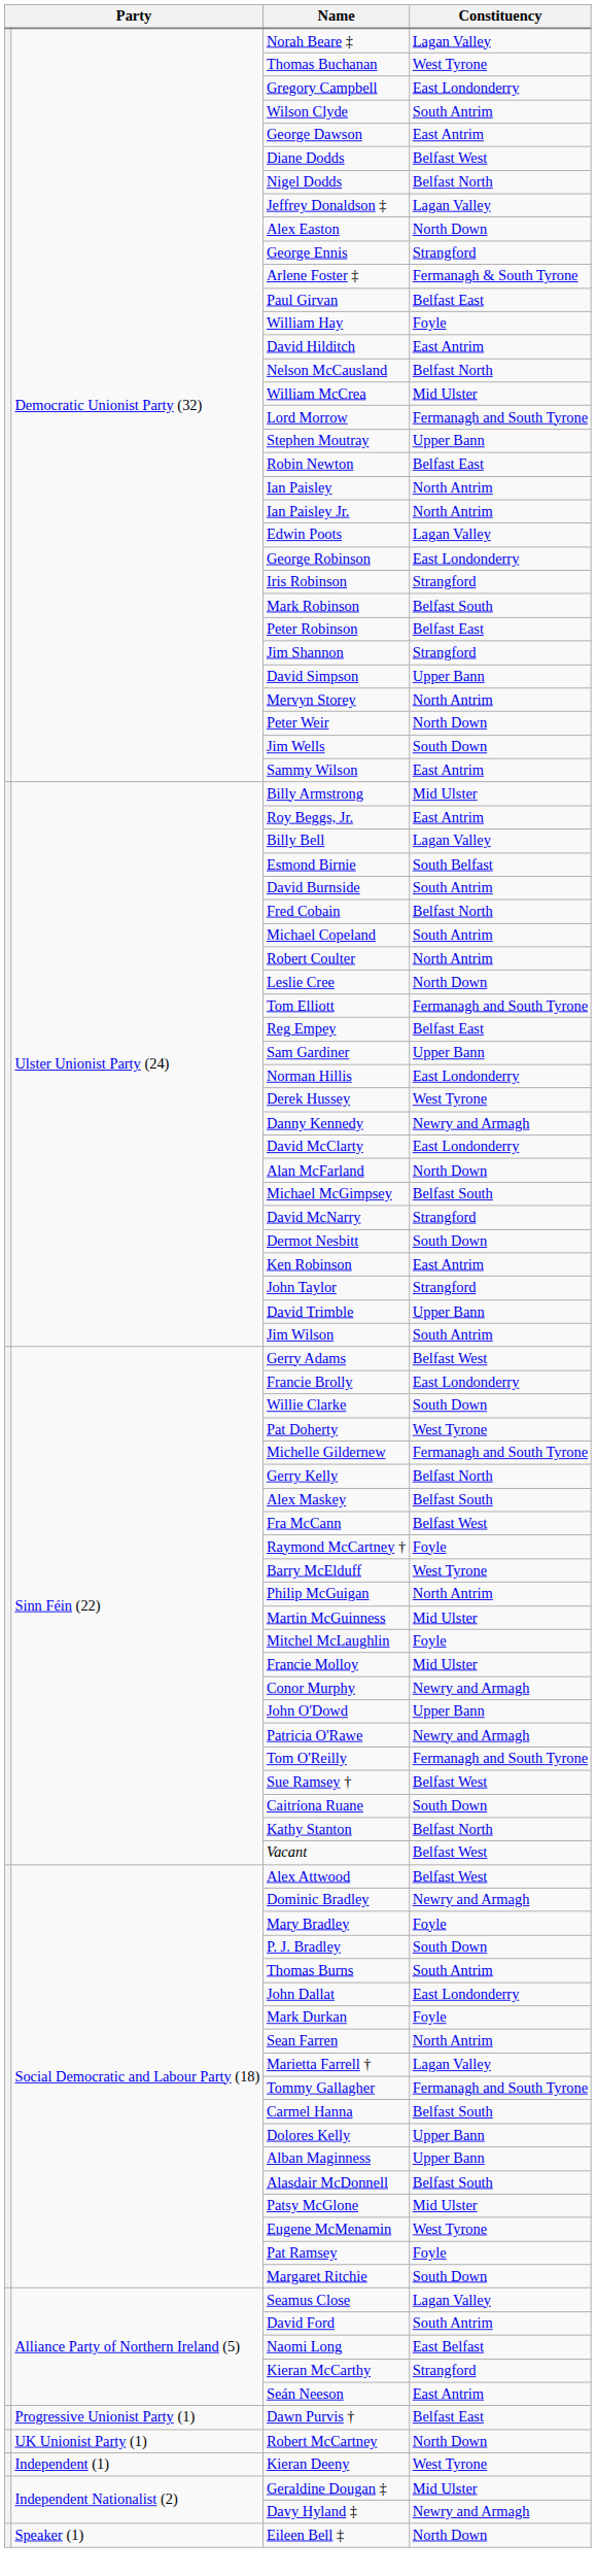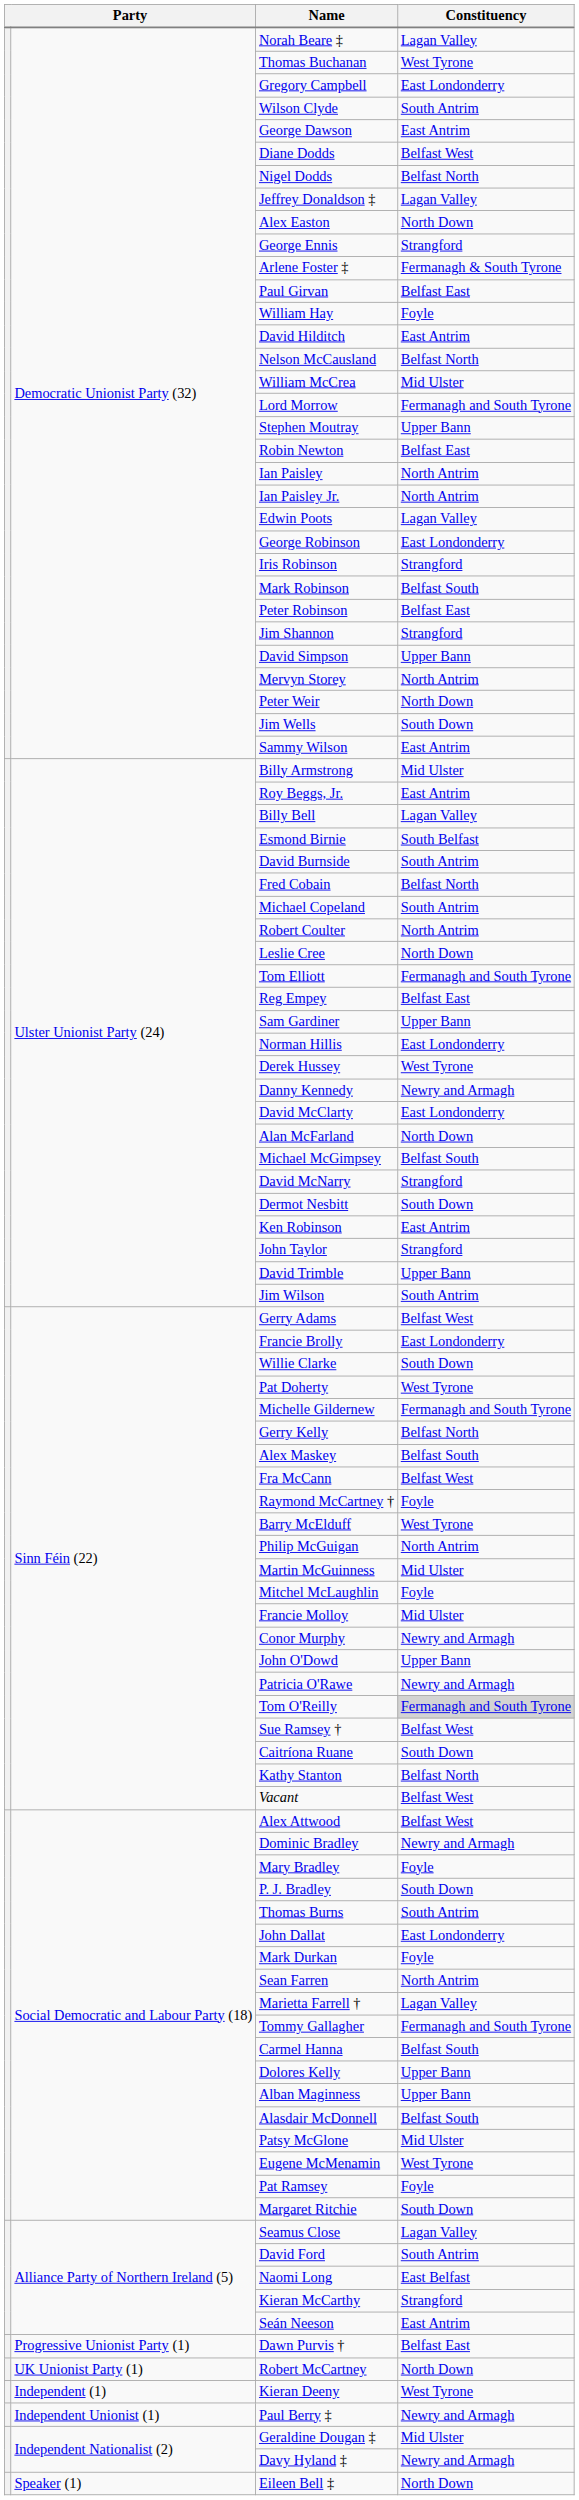 <table class="wikitable">
 <tr style="border-bottom: 2px solid gray;">
 <th colspan=2>Party</th>
 <th>Name</th>
 <th>Constituency</th>
 </tr>
 <tr>
 <th rowspan="32" style="background-color: "></th>
 <td rowspan="32"><a href='#'>Democratic Unionist Party</a> (32)</td>
 <td><a href='#'>Norah Beare</a> ‡</td>
 <td><a href='#'>Lagan Valley</a></td>
 </tr>
 <tr>
 <td><a href='#'>Thomas Buchanan</a></td>
 <td><a href='#'>West Tyrone</a></td>
 </tr>
 <tr>
 <td><a href='#'>Gregory Campbell</a></td>
 <td><a href='#'>East Londonderry</a></td>
 </tr>
 <tr>
 <td><a href='#'>Wilson Clyde</a></td>
 <td><a href='#'>South Antrim</a></td>
 </tr>
 <tr>
 <td><a href='#'>George Dawson</a></td>
 <td><a href='#'>East Antrim</a></td>
 </tr>
 <tr>
 <td><a href='#'>Diane Dodds</a></td>
 <td><a href='#'>Belfast West</a></td>
 </tr>
 <tr>
 <td><a href='#'>Nigel Dodds</a></td>
 <td><a href='#'>Belfast North</a></td>
 </tr>
 <tr>
 <td><a href='#'>Jeffrey Donaldson</a> ‡</td>
 <td><a href='#'>Lagan Valley</a></td>
 </tr>
 <tr>
 <td><a href='#'>Alex Easton</a></td>
 <td><a href='#'>North Down</a></td>
 </tr>
 <tr>
 <td><a href='#'>George Ennis</a></td>
 <td><a href='#'>Strangford</a></td>
 </tr>
 <tr>
 <td><a href='#'>Arlene Foster</a> ‡</td>
 <td><a href='#'>Fermanagh & South Tyrone</a></td>
 </tr>
 <tr>
 <td><a href='#'>Paul Girvan</a></td>
 <td><a href='#'>Belfast East</a></td>
 </tr>
 <tr>
 <td><a href='#'>William Hay</a></td>
 <td><a href='#'>Foyle</a></td>
 </tr>
 <tr>
 <td><a href='#'>David Hilditch</a></td>
 <td><a href='#'>East Antrim</a></td>
 </tr>
 <tr>
 <td><a href='#'>Nelson McCausland</a></td>
 <td><a href='#'>Belfast North</a></td>
 </tr>
 <tr>
 <td><a href='#'>William McCrea</a></td>
 <td><a href='#'>Mid Ulster</a></td>
 </tr>
 <tr>
 <td><a href='#'>Lord Morrow</a></td>
 <td><a href='#'>Fermanagh and South Tyrone</a></td>
 </tr>
 <tr>
 <td><a href='#'>Stephen Moutray</a></td>
 <td><a href='#'>Upper Bann</a></td>
 </tr>
 <tr>
 <td><a href='#'>Robin Newton</a></td>
 <td><a href='#'>Belfast East</a></td>
 </tr>
 <tr>
 <td><a href='#'>Ian Paisley</a></td>
 <td><a href='#'>North Antrim</a></td>
 </tr>
 <tr>
 <td><a href='#'>Ian Paisley Jr.</a></td>
 <td><a href='#'>North Antrim</a></td>
 </tr>
 <tr>
 <td><a href='#'>Edwin Poots</a></td>
 <td><a href='#'>Lagan Valley</a></td>
 </tr>
 <tr>
 <td><a href='#'>George Robinson</a></td>
 <td><a href='#'>East Londonderry</a></td>
 </tr>
 <tr>
 <td><a href='#'>Iris Robinson</a></td>
 <td><a href='#'>Strangford</a></td>
 </tr>
 <tr>
 <td><a href='#'>Mark Robinson</a></td>
 <td><a href='#'>Belfast South</a></td>
 </tr>
 <tr>
 <td><a href='#'>Peter Robinson</a></td>
 <td><a href='#'>Belfast East</a></td>
 </tr>
 <tr>
 <td><a href='#'>Jim Shannon</a></td>
 <td><a href='#'>Strangford</a></td>
 </tr>
 <tr>
 <td><a href='#'>David Simpson</a></td>
 <td><a href='#'>Upper Bann</a></td>
 </tr>
 <tr>
 <td><a href='#'>Mervyn Storey</a></td>
 <td><a href='#'>North Antrim</a></td>
 </tr>
 <tr>
 <td><a href='#'>Peter Weir</a></td>
 <td><a href='#'>North Down</a></td>
 </tr>
 <tr>
 <td><a href='#'>Jim Wells</a></td>
 <td><a href='#'>South Down</a></td>
 </tr>
 <tr>
 <td><a href='#'>Sammy Wilson</a></td>
 <td><a href='#'>East Antrim</a></td>
 </tr>
 <tr>
 <th rowspan="24" style="background-color: "></th>
 <td rowspan="24"><a href='#'>Ulster Unionist Party</a> (24)</td>
 <td><a href='#'>Billy Armstrong</a></td>
 <td><a href='#'>Mid Ulster</a></td>
 </tr>
 <tr>
 <td><a href='#'>Roy Beggs, Jr.</a></td>
 <td><a href='#'>East Antrim</a></td>
 </tr>
 <tr>
 <td><a href='#'>Billy Bell</a></td>
 <td><a href='#'>Lagan Valley</a></td>
 </tr>
 <tr>
 <td><a href='#'>Esmond Birnie</a></td>
 <td><a href='#'>South Belfast</a></td>
 </tr>
 <tr>
 <td><a href='#'>David Burnside</a></td>
 <td><a href='#'>South Antrim</a></td>
 </tr>
 <tr>
 <td><a href='#'>Fred Cobain</a></td>
 <td><a href='#'>Belfast North</a></td>
 </tr>
 <tr>
 <td><a href='#'>Michael Copeland</a></td>
 <td><a href='#'>South Antrim</a></td>
 </tr>
 <tr>
 <td><a href='#'>Robert Coulter</a></td>
 <td><a href='#'>North Antrim</a></td>
 </tr>
 <tr>
 <td><a href='#'>Leslie Cree</a></td>
 <td><a href='#'>North Down</a></td>
 </tr>
 <tr>
 <td><a href='#'>Tom Elliott</a></td>
 <td><a href='#'>Fermanagh and South Tyrone</a></td>
 </tr>
 <tr>
 <td><a href='#'>Reg Empey</a></td>
 <td><a href='#'>Belfast East</a></td>
 </tr>
 <tr>
 <td><a href='#'>Sam Gardiner</a></td>
 <td><a href='#'>Upper Bann</a></td>
 </tr>
 <tr>
 <td><a href='#'>Norman Hillis</a></td>
 <td><a href='#'>East Londonderry</a></td>
 </tr>
 <tr>
 <td><a href='#'>Derek Hussey</a></td>
 <td><a href='#'>West Tyrone</a></td>
 </tr>
 <tr>
 <td><a href='#'>Danny Kennedy</a></td>
 <td><a href='#'>Newry and Armagh</a></td>
 </tr>
 <tr>
 <td><a href='#'>David McClarty</a></td>
 <td><a href='#'>East Londonderry</a></td>
 </tr>
 <tr>
 <td><a href='#'>Alan McFarland</a></td>
 <td><a href='#'>North Down</a></td>
 </tr>
 <tr>
 <td><a href='#'>Michael McGimpsey</a></td>
 <td><a href='#'>Belfast South</a></td>
 </tr>
 <tr>
 <td><a href='#'>David McNarry</a></td>
 <td><a href='#'>Strangford</a></td>
 </tr>
 <tr>
 <td><a href='#'>Dermot Nesbitt</a></td>
 <td><a href='#'>South Down</a></td>
 </tr>
 <tr>
 <td><a href='#'>Ken Robinson</a></td>
 <td><a href='#'>East Antrim</a></td>
 </tr>
 <tr>
 <td><a href='#'>John Taylor</a></td>
 <td><a href='#'>Strangford</a></td>
 </tr>
 <tr>
 <td><a href='#'>David Trimble</a></td>
 <td><a href='#'>Upper Bann</a></td>
 </tr>
 <tr>
 <td><a href='#'>Jim Wilson</a></td>
 <td><a href='#'>South Antrim</a></td>
 </tr>
 <tr>
 <th rowspan="22" style="background-color: "></th>
 <td rowspan="22"><a href='#'>Sinn Féin</a> (22)</td>
 <td><a href='#'>Gerry Adams</a></td>
 <td><a href='#'>Belfast West</a></td>
 </tr>
 <tr>
 <td><a href='#'>Francie Brolly</a></td>
 <td><a href='#'>East Londonderry</a></td>
 </tr>
 <tr>
 <td><a href='#'>Willie Clarke</a></td>
 <td><a href='#'>South Down</a></td>
 </tr>
 <tr>
 <td><a href='#'>Pat Doherty</a></td>
 <td><a href='#'>West Tyrone</a></td>
 </tr>
 <tr>
 <td><a href='#'>Michelle Gildernew</a></td>
 <td><a href='#'>Fermanagh and South Tyrone</a></td>
 </tr>
 <tr>
 <td><a href='#'>Gerry Kelly</a></td>
 <td><a href='#'>Belfast North</a></td>
 </tr>
 <tr>
 <td><a href='#'>Alex Maskey</a></td>
 <td><a href='#'>Belfast South</a></td>
 </tr>
 <tr>
 <td><a href='#'>Fra McCann</a></td>
 <td><a href='#'>Belfast West</a></td>
 </tr>
 <tr>
 <td><a href='#'>Raymond McCartney</a> †</td>
 <td><a href='#'>Foyle</a></td>
 </tr>
 <tr>
 <td><a href='#'>Barry McElduff</a></td>
 <td><a href='#'>West Tyrone</a></td>
 </tr>
 <tr>
 <td><a href='#'>Philip McGuigan</a></td>
 <td><a href='#'>North Antrim</a></td>
 </tr>
 <tr>
 <td><a href='#'>Martin McGuinness</a></td>
 <td><a href='#'>Mid Ulster</a></td>
 </tr>
 <tr>
 <td><a href='#'>Mitchel McLaughlin</a></td>
 <td><a href='#'>Foyle</a></td>
 </tr>
 <tr>
 <td><a href='#'>Francie Molloy</a></td>
 <td><a href='#'>Mid Ulster</a></td>
 </tr>
 <tr>
 <td><a href='#'>Conor Murphy</a></td>
 <td><a href='#'>Newry and Armagh</a></td>
 </tr>
 <tr>
 <td><a href='#'>John O'Dowd</a></td>
 <td><a href='#'>Upper Bann</a></td>
 </tr>
 <tr>
 <td><a href='#'>Patricia O'Rawe</a></td>
 <td><a href='#'>Newry and Armagh</a></td>
 </tr>
 <tr>
 <td><a href='#'>Tom O'Reilly</a></td>
-<td><a href='#'>Fermanagh and South Tyrone</a></td>
+<td style="background: lightgrey;"><a href='#'>Fermanagh and South Tyrone</a></td>
 </tr>
 <tr>
 <td><a href='#'>Sue Ramsey</a> †</td>
 <td><a href='#'>Belfast West</a></td>
 </tr>
 <tr>
 <td><a href='#'>Caitríona Ruane</a></td>
 <td><a href='#'>South Down</a></td>
 </tr>
 <tr>
 <td><a href='#'>Kathy Stanton</a></td>
 <td><a href='#'>Belfast North</a></td>
 </tr>
 <tr>
 <td><em>Vacant</em></td>
 <td><a href='#'>Belfast West</a></td>
 </tr>
 <tr>
 <th rowspan="18" style="background-color: "></th>
 <td rowspan="18"><a href='#'>Social Democratic and Labour Party</a> (18)</td>
 <td><a href='#'>Alex Attwood</a></td>
 <td><a href='#'>Belfast West</a></td>
 </tr>
 <tr>
 <td><a href='#'>Dominic Bradley</a></td>
 <td><a href='#'>Newry and Armagh</a></td>
 </tr>
 <tr>
 <td><a href='#'>Mary Bradley</a></td>
 <td><a href='#'>Foyle</a></td>
 </tr>
 <tr>
 <td><a href='#'>P. J. Bradley</a></td>
 <td><a href='#'>South Down</a></td>
 </tr>
 <tr>
 <td><a href='#'>Thomas Burns</a></td>
 <td><a href='#'>South Antrim</a></td>
 </tr>
 <tr>
 <td><a href='#'>John Dallat</a></td>
 <td><a href='#'>East Londonderry</a></td>
 </tr>
 <tr>
 <td><a href='#'>Mark Durkan</a></td>
 <td><a href='#'>Foyle</a></td>
 </tr>
 <tr>
 <td><a href='#'>Sean Farren</a></td>
 <td><a href='#'>North Antrim</a></td>
 </tr>
 <tr>
 <td><a href='#'>Marietta Farrell</a> †</td>
 <td><a href='#'>Lagan Valley</a></td>
 </tr>
 <tr>
 <td><a href='#'>Tommy Gallagher</a></td>
 <td><a href='#'>Fermanagh and South Tyrone</a></td>
 </tr>
 <tr>
 <td><a href='#'>Carmel Hanna</a></td>
 <td><a href='#'>Belfast South</a></td>
 </tr>
 <tr>
 <td><a href='#'>Dolores Kelly</a></td>
 <td><a href='#'>Upper Bann</a></td>
 </tr>
 <tr>
 <td><a href='#'>Alban Maginness</a></td>
 <td><a href='#'>Upper Bann</a></td>
 </tr>
 <tr>
 <td><a href='#'>Alasdair McDonnell</a></td>
 <td><a href='#'>Belfast South</a></td>
 </tr>
 <tr>
 <td><a href='#'>Patsy McGlone</a></td>
 <td><a href='#'>Mid Ulster</a></td>
 </tr>
 <tr>
 <td><a href='#'>Eugene McMenamin</a></td>
 <td><a href='#'>West Tyrone</a></td>
 </tr>
 <tr>
 <td><a href='#'>Pat Ramsey</a></td>
 <td><a href='#'>Foyle</a></td>
 </tr>
 <tr>
 <td><a href='#'>Margaret Ritchie</a></td>
 <td><a href='#'>South Down</a></td>
 </tr>
 <tr>
 <th rowspan="5" style="background-color: "></th>
 <td rowspan="5"><a href='#'>Alliance Party of Northern Ireland</a> (5)</td>
 <td><a href='#'>Seamus Close</a></td>
 <td><a href='#'>Lagan Valley</a></td>
 </tr>
 <tr>
 <td><a href='#'>David Ford</a></td>
 <td><a href='#'>South Antrim</a></td>
 </tr>
 <tr>
 <td><a href='#'>Naomi Long</a></td>
 <td><a href='#'>East Belfast</a></td>
 </tr>
 <tr>
 <td><a href='#'>Kieran McCarthy</a></td>
 <td><a href='#'>Strangford</a></td>
 </tr>
 <tr>
 <td><a href='#'>Seán Neeson</a></td>
 <td><a href='#'>East Antrim</a></td>
 </tr>
 <tr>
 <th rowspan="1" style="background-color: "></th>
 <td rowspan="1"><a href='#'>Progressive Unionist Party</a> (1)</td>
 <td><a href='#'>Dawn Purvis</a> †</td>
 <td><a href='#'>Belfast East</a></td>
 </tr>
 <tr>
 <th rowspan="1" style="background-color: "></th>
 <td rowspan="1"><a href='#'>UK Unionist Party</a> (1)</td>
 <td><a href='#'>Robert McCartney</a></td>
 <td><a href='#'>North Down</a></td>
 </tr>
 <tr>
 <th rowspan="1" style="background-color: "></th>
 <td rowspan="1"><a href='#'>Independent</a> (1)</td>
 <td><a href='#'>Kieran Deeny</a></td>
 <td><a href='#'>West Tyrone</a></td>
 </tr>
 <tr>
+<th rowspan="1" style="background-color: "></th>
+<td rowspan="1"><a href='#'>Independent Unionist</a> (1)</td>
+<td><a href='#'>Paul Berry</a> ‡</td>
+<td><a href='#'>Newry and Armagh</a></td>
+</tr>
+<tr>
 <th rowspan="2" style="background-color: "></th>
 <td rowspan="2"><a href='#'>Independent Nationalist</a> (2)</td>
 <td><a href='#'>Geraldine Dougan</a> ‡</td>
 <td><a href='#'>Mid Ulster</a></td>
 </tr>
 <tr>
 <td><a href='#'>Davy Hyland</a> ‡</td>
 <td><a href='#'>Newry and Armagh</a></td>
 </tr>
 <tr>
 <th rowspan="1" style="background-color: "></th>
 <td rowspan="1"><a href='#'>Speaker</a> (1)</td>
 <td><a href='#'>Eileen Bell</a> ‡</td>
 <td><a href='#'>North Down</a></td>
 </tr>
 </table>
